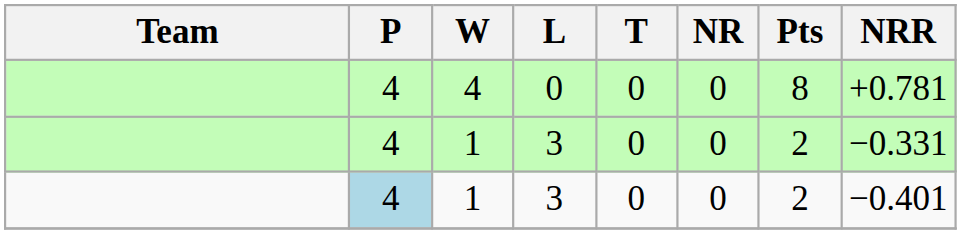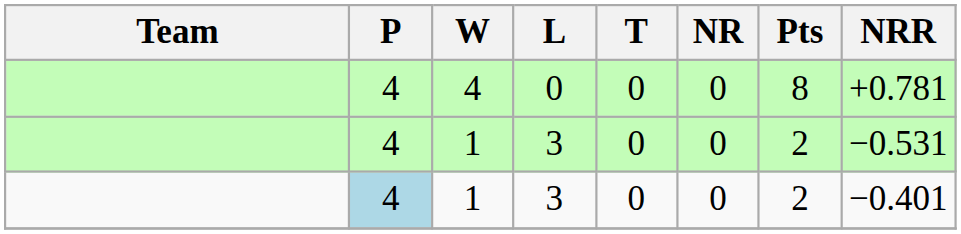 <table class="wikitable" style="text-align:center">
 <tr>
 <th style="width:150px">Team</th>
 <th style="width:30px">P</th>
 <th style="width:30px">W</th>
 <th style="width:30px">L</th>
 <th style="width:30px">T</th>
 <th style="width:30px">NR</th>
 <th style="width:30px">Pts</th>
 <th style="width:30px">NRR</th>
 </tr>
 <tr style="background:#c3fdb8">
 <td style="text-align:left"></td>
 <td>4</td>
 <td>4</td>
 <td>0</td>
 <td>0</td>
 <td>0</td>
 <td>8</td>
 <td>+0.781</td>
 </tr>
 <tr style="background:#c3fdb8">
 <td style="text-align:left"></td>
 <td>4</td>
 <td>1</td>
 <td>3</td>
 <td>0</td>
 <td>0</td>
 <td>2</td>
-<td>−0.331</td>
+<td>−0.531</td>
 </tr>
 <tr>
 <td style="text-align:left"></td>
 <td style="background: lightblue;">4</td>
 <td>1</td>
 <td>3</td>
 <td>0</td>
 <td>0</td>
 <td>2</td>
 <td>−0.401</td>
 </tr>
 <tr>
 </tr>
 </table>
